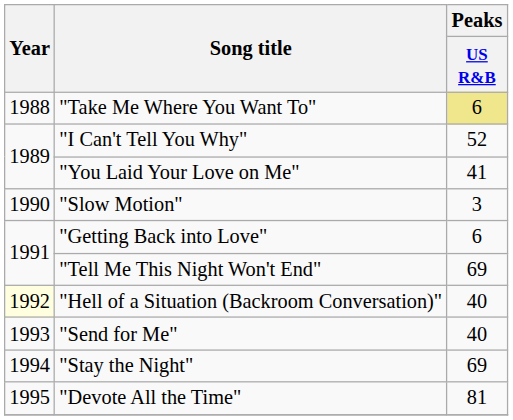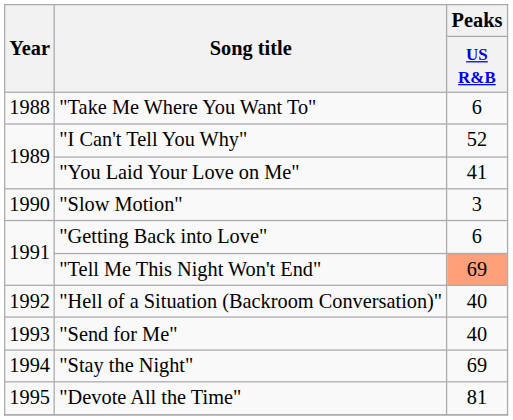 <table class="wikitable">
 <tr>
 <th rowspan="2">Year</th>
 <th rowspan="2">Song title</th>
 <th colspan="1">Peaks</th>
 </tr>
 <tr>
 <th width="40"><small><a href='#'>US R&B</a></small><br></th>
 </tr>
 <tr>
 <td>1988</td>
 <td>"Take Me Where You Want To"</td>
-<td align="center" style="background: khaki;">6</td>
+<td align="center">6</td>
 </tr>
 <tr>
 <td rowspan="2">1989</td>
 <td>"I Can't Tell You Why"</td>
 <td align="center">52</td>
 </tr>
 <tr>
 <td>"You Laid Your Love on Me"</td>
 <td align="center">41</td>
 </tr>
 <tr>
 <td>1990</td>
 <td>"Slow Motion"</td>
 <td align="center">3</td>
 </tr>
 <tr>
 <td rowspan="2">1991</td>
 <td>"Getting Back into Love"</td>
 <td align="center">6</td>
 </tr>
 <tr>
 <td>"Tell Me This Night Won't End"</td>
-<td align="center">69</td>
+<td align="center" style="background: lightsalmon;">69</td>
 </tr>
 <tr>
-<td style="background: lightyellow;">1992</td>
+<td>1992</td>
 <td>"Hell of a Situation (Backroom Conversation)"</td>
 <td align="center">40</td>
 </tr>
 <tr>
 <td>1993</td>
 <td>"Send for Me"</td>
 <td align="center">40</td>
 </tr>
 <tr>
 <td>1994</td>
 <td>"Stay the Night"</td>
 <td align="center">69</td>
 </tr>
 <tr>
 <td>1995</td>
 <td>"Devote All the Time"</td>
 <td align="center">81</td>
 </tr>
 <tr>
 </tr>
 </table>
